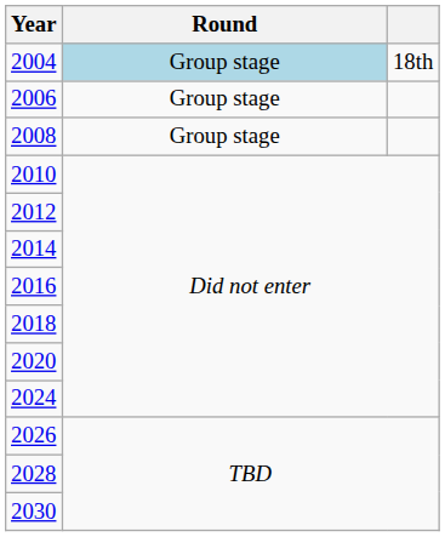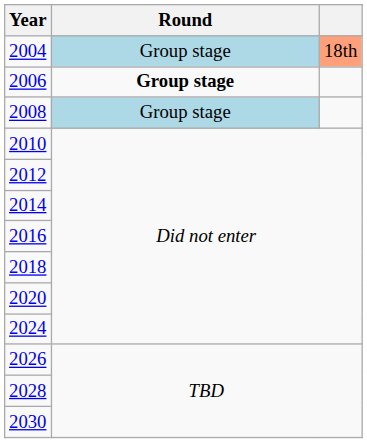 <table class="wikitable" style="text-align: center; font-size:90%">
 <tr>
 <th>Year</th>
 <th style="width:200px">Round</th>
 <th></th>
 </tr>
 <tr>
 <td><a href='#'>2004</a></td>
 <td style="background: lightblue;">Group stage</td>
-<td>18th</td>
+<td style="background: lightsalmon;">18th</td>
 </tr>
 <tr>
 <td><a href='#'>2006</a></td>
-<td>Group stage</td>
+<td><strong>Group stage</strong></td>
 <td></td>
 </tr>
 <tr>
 <td><a href='#'>2008</a></td>
-<td>Group stage</td>
+<td style="background: lightblue;">Group stage</td>
 <td></td>
 </tr>
 <tr>
 <td><a href='#'>2010</a></td>
 <td colspan="2" rowspan="7"><em>Did not enter</em></td>
 </tr>
 <tr>
 <td><a href='#'>2012</a></td>
 </tr>
 <tr>
 <td><a href='#'>2014</a></td>
 </tr>
 <tr>
 <td><a href='#'>2016</a></td>
 </tr>
 <tr>
 <td><a href='#'>2018</a></td>
 </tr>
 <tr>
 <td><a href='#'>2020</a></td>
 </tr>
 <tr>
 <td><a href='#'>2024</a></td>
 </tr>
 <tr>
 <td><a href='#'>2026</a></td>
 <td colspan="2" rowspan="3"><em>TBD</em></td>
 </tr>
 <tr>
 <td><a href='#'>2028</a></td>
 </tr>
 <tr>
 <td><a href='#'>2030</a></td>
 </tr>
 </table>
